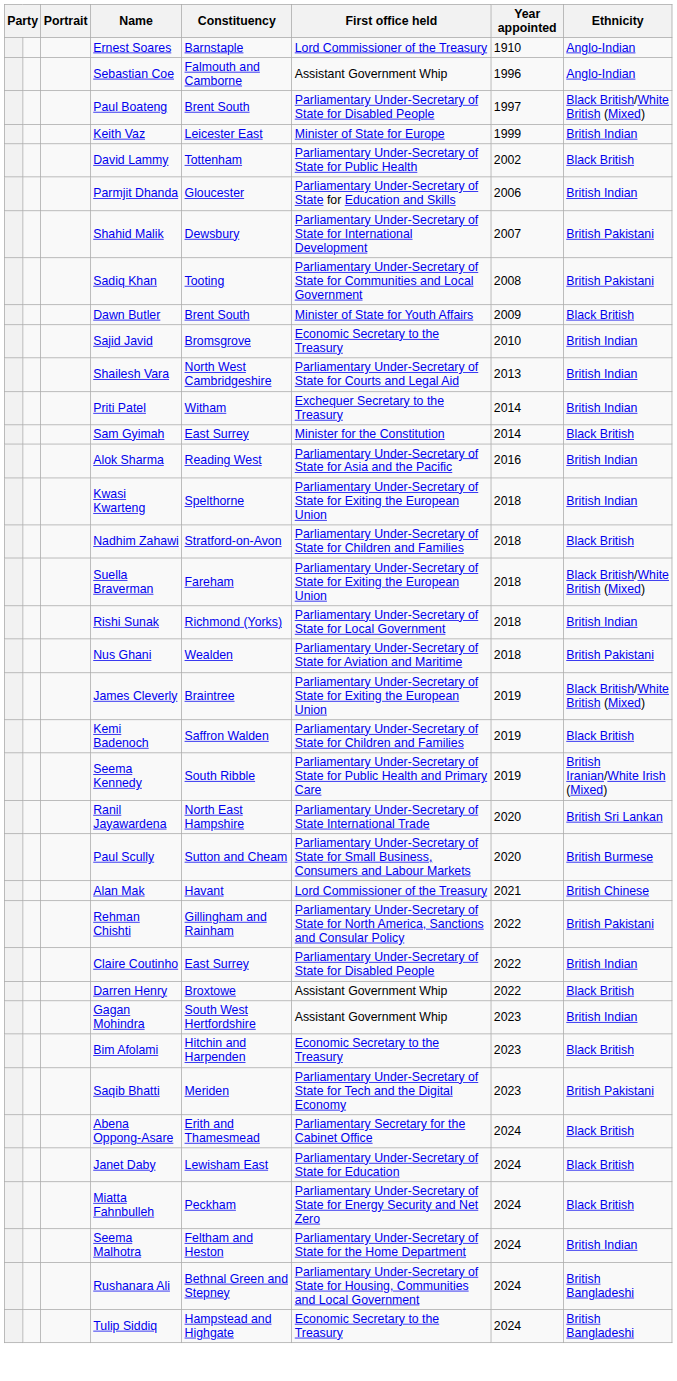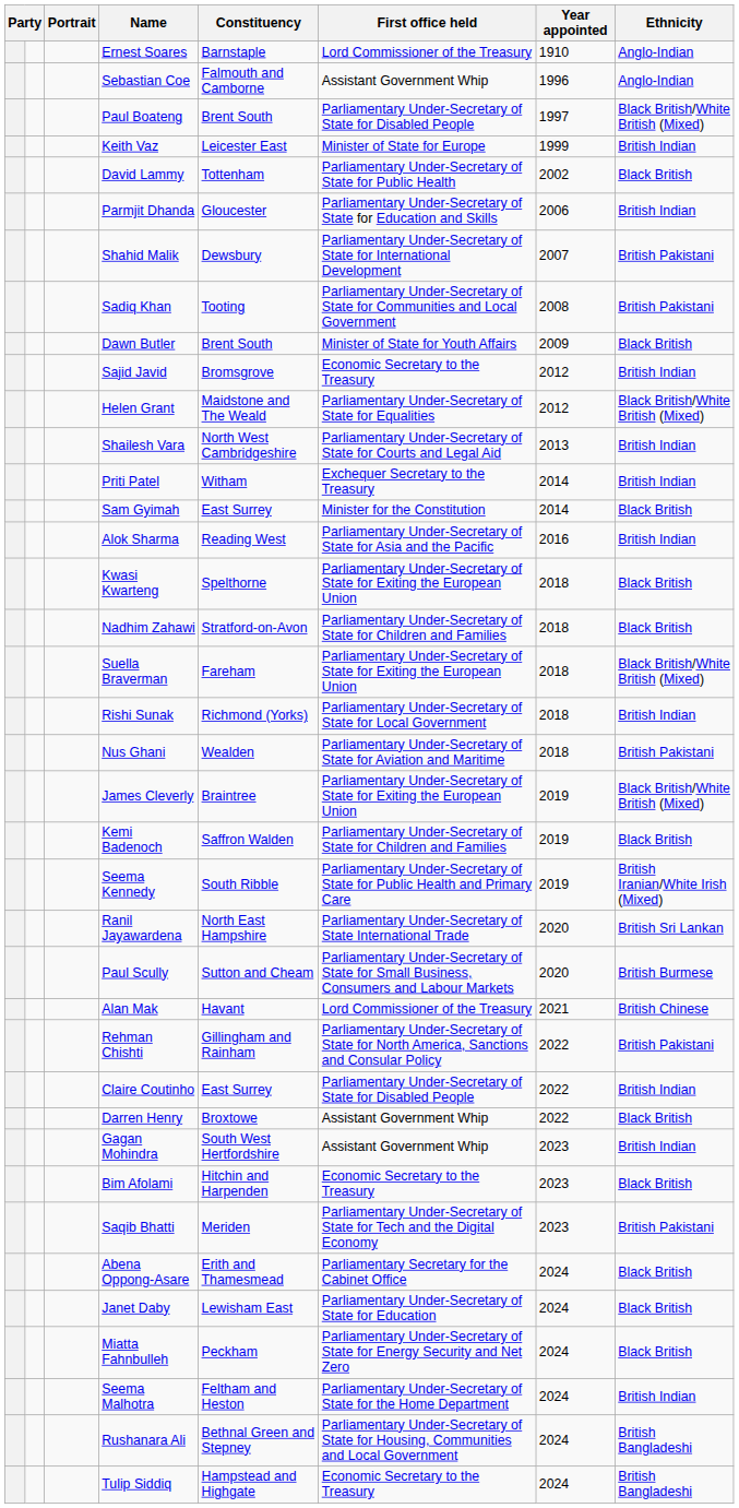 <table class="wikitable sortable">
 <tr>
 <th colspan=2>Party</th>
 <th>Portrait</th>
 <th>Name</th>
 <th>Constituency</th>
 <th>First office held</th>
 <th>Year appointed</th>
 <th>Ethnicity</th>
 </tr>
 <tr>
 <th style="background-color: "></th>
 <td></td>
 <td></td>
 <td><a href='#'>Ernest Soares</a></td>
 <td><a href='#'>Barnstaple</a></td>
 <td><a href='#'>Lord Commissioner of the Treasury</a></td>
 <td>1910</td>
 <td><a href='#'>Anglo-Indian</a></td>
 </tr>
 <tr>
 <th style="background-color: "></th>
 <td></td>
 <td></td>
 <td><a href='#'>Sebastian Coe</a></td>
 <td><a href='#'>Falmouth and Camborne</a></td>
 <td>Assistant Government Whip</td>
 <td>1996</td>
 <td><a href='#'>Anglo-Indian</a></td>
 </tr>
 <tr>
 <th style="background-color: "></th>
 <td></td>
 <td></td>
 <td><a href='#'>Paul Boateng</a></td>
 <td><a href='#'>Brent South</a></td>
 <td><a href='#'>Parliamentary Under-Secretary of State for Disabled People</a></td>
 <td>1997</td>
 <td><a href='#'>Black British</a>/<a href='#'>White British</a> (<a href='#'>Mixed</a>)</td>
 </tr>
 <tr>
 <th style="background-color: "></th>
 <td></td>
 <td></td>
 <td><a href='#'>Keith Vaz</a></td>
 <td><a href='#'>Leicester East</a></td>
 <td><a href='#'>Minister of State for Europe</a></td>
 <td>1999</td>
 <td><a href='#'>British Indian</a></td>
 </tr>
 <tr>
 <th style="background-color: "></th>
 <td></td>
 <td></td>
 <td><a href='#'>David Lammy</a></td>
 <td><a href='#'>Tottenham</a></td>
 <td><a href='#'>Parliamentary Under-Secretary of State for Public Health</a></td>
 <td>2002</td>
 <td><a href='#'>Black British</a></td>
 </tr>
 <tr>
 <th style="background-color: "></th>
 <td></td>
 <td></td>
 <td><a href='#'>Parmjit Dhanda</a></td>
 <td><a href='#'>Gloucester</a></td>
 <td><a href='#'>Parliamentary Under-Secretary of State</a> for <a href='#'>Education and Skills</a></td>
 <td>2006</td>
 <td><a href='#'>British Indian</a></td>
 </tr>
 <tr>
 <th style="background-color: "></th>
 <td></td>
 <td></td>
 <td><a href='#'>Shahid Malik</a></td>
 <td><a href='#'>Dewsbury</a></td>
 <td><a href='#'>Parliamentary Under-Secretary of State for International Development</a></td>
 <td>2007</td>
 <td><a href='#'>British Pakistani</a></td>
 </tr>
 <tr>
 <th style="background-color: "></th>
 <td></td>
 <td></td>
 <td><a href='#'>Sadiq Khan</a></td>
 <td><a href='#'>Tooting</a></td>
 <td><a href='#'>Parliamentary Under-Secretary of State for Communities and Local Government</a></td>
 <td>2008</td>
 <td><a href='#'>British Pakistani</a></td>
 </tr>
 <tr>
 <th style="background-color: "></th>
 <td></td>
 <td></td>
 <td><a href='#'>Dawn Butler</a></td>
 <td><a href='#'>Brent South</a></td>
 <td><a href='#'>Minister of State for Youth Affairs</a></td>
 <td>2009</td>
 <td><a href='#'>Black British</a></td>
 </tr>
 <tr>
 <th style="background-color: "></th>
 <td></td>
 <td></td>
 <td><a href='#'>Sajid Javid</a></td>
 <td><a href='#'>Bromsgrove</a></td>
 <td><a href='#'>Economic Secretary to the Treasury</a></td>
-<td>2010</td>
+<td>2012</td>
 <td><a href='#'>British Indian</a></td>
+</tr>
+<tr>
+<th style="background-color: "></th>
+<td></td>
+<td></td>
+<td><a href='#'>Helen Grant</a></td>
+<td><a href='#'>Maidstone and The Weald</a></td>
+<td><a href='#'>Parliamentary Under-Secretary of State for Equalities</a></td>
+<td>2012</td>
+<td><a href='#'>Black British</a>/<a href='#'>White British</a> (<a href='#'>Mixed</a>)</td>
 </tr>
 <tr>
 <th style="background-color: "></th>
 <td></td>
 <td></td>
 <td><a href='#'>Shailesh Vara</a></td>
 <td><a href='#'>North West Cambridgeshire</a></td>
 <td><a href='#'>Parliamentary Under-Secretary of State for Courts and Legal Aid</a></td>
 <td>2013</td>
 <td><a href='#'>British Indian</a></td>
 </tr>
 <tr>
 <th style="background-color: "></th>
 <td></td>
 <td></td>
 <td><a href='#'>Priti Patel</a></td>
 <td><a href='#'>Witham</a></td>
 <td><a href='#'>Exchequer Secretary to the Treasury</a></td>
 <td>2014</td>
 <td><a href='#'>British Indian</a></td>
 </tr>
 <tr>
 <th style="background-color: "></th>
 <td></td>
 <td></td>
 <td><a href='#'>Sam Gyimah</a></td>
 <td><a href='#'>East Surrey</a></td>
 <td><a href='#'>Minister for the Constitution</a></td>
 <td>2014</td>
 <td><a href='#'>Black British</a></td>
 </tr>
 <tr>
 <th style="background-color: "></th>
 <td></td>
 <td></td>
 <td><a href='#'>Alok Sharma</a></td>
 <td><a href='#'>Reading West</a></td>
 <td><a href='#'>Parliamentary Under-Secretary of State for Asia and the Pacific</a></td>
 <td>2016</td>
 <td><a href='#'>British Indian</a></td>
 </tr>
 <tr>
 <th style="background-color: "></th>
 <td></td>
 <td></td>
 <td><a href='#'>Kwasi Kwarteng</a></td>
 <td><a href='#'>Spelthorne</a></td>
 <td><a href='#'>Parliamentary Under-Secretary of State for Exiting the European Union</a></td>
 <td>2018</td>
-<td><a href='#'>British Indian</a></td>
+<td><a href='#'>Black British</a></td>
 </tr>
 <tr>
 <th style="background-color: "></th>
 <td></td>
 <td></td>
 <td><a href='#'>Nadhim Zahawi</a></td>
 <td><a href='#'>Stratford-on-Avon</a></td>
 <td><a href='#'>Parliamentary Under-Secretary of State for Children and Families</a></td>
 <td>2018</td>
 <td><a href='#'>Black British</a></td>
 </tr>
 <tr>
 <th style="background-color: "></th>
 <td></td>
 <td></td>
 <td><a href='#'>Suella Braverman</a></td>
 <td><a href='#'>Fareham</a></td>
 <td><a href='#'>Parliamentary Under-Secretary of State for Exiting the European Union</a></td>
 <td>2018</td>
 <td><a href='#'>Black British</a>/<a href='#'>White British</a> (<a href='#'>Mixed</a>)</td>
 </tr>
 <tr>
 <th style="background-color: "></th>
 <td></td>
 <td></td>
 <td><a href='#'>Rishi Sunak</a></td>
 <td><a href='#'>Richmond (Yorks)</a></td>
 <td><a href='#'>Parliamentary Under-Secretary of State for Local Government</a></td>
 <td>2018</td>
 <td><a href='#'>British Indian</a></td>
 </tr>
 <tr>
 <th style="background-color: "></th>
 <td></td>
 <td></td>
 <td><a href='#'>Nus Ghani</a></td>
 <td><a href='#'>Wealden</a></td>
 <td><a href='#'>Parliamentary Under-Secretary of State for Aviation and Maritime</a></td>
 <td>2018</td>
 <td><a href='#'>British Pakistani</a></td>
 </tr>
 <tr>
 <th style="background-color: "></th>
 <td></td>
 <td></td>
 <td><a href='#'>James Cleverly</a></td>
 <td><a href='#'>Braintree</a></td>
 <td><a href='#'>Parliamentary Under-Secretary of State for Exiting the European Union</a></td>
 <td>2019</td>
 <td><a href='#'>Black British</a>/<a href='#'>White British</a> (<a href='#'>Mixed</a>)</td>
 </tr>
 <tr>
 <th style="background-color: "></th>
 <td></td>
 <td></td>
 <td><a href='#'>Kemi Badenoch</a></td>
 <td><a href='#'>Saffron Walden</a></td>
 <td><a href='#'>Parliamentary Under-Secretary of State for Children and Families</a></td>
 <td>2019</td>
 <td><a href='#'>Black British</a></td>
 </tr>
 <tr>
 <th style="background-color: "></th>
 <td></td>
 <td></td>
 <td><a href='#'>Seema Kennedy</a></td>
 <td><a href='#'>South Ribble</a></td>
 <td><a href='#'>Parliamentary Under-Secretary of State for Public Health and Primary Care</a></td>
 <td>2019</td>
 <td><a href='#'>British Iranian</a>/<a href='#'>White Irish</a> (<a href='#'>Mixed</a>)</td>
 </tr>
 <tr>
 <th style="background-color: "></th>
 <td></td>
 <td></td>
 <td><a href='#'>Ranil Jayawardena</a></td>
 <td><a href='#'>North East Hampshire</a></td>
 <td><a href='#'>Parliamentary Under-Secretary of State International Trade</a></td>
 <td>2020</td>
 <td><a href='#'>British Sri Lankan</a></td>
 </tr>
 <tr>
 <th style="background-color: "></th>
 <td></td>
 <td></td>
 <td><a href='#'>Paul Scully</a></td>
 <td><a href='#'>Sutton and Cheam</a></td>
 <td><a href='#'>Parliamentary Under-Secretary of State for Small Business, Consumers and Labour Markets</a></td>
 <td>2020</td>
 <td><a href='#'>British Burmese</a></td>
 </tr>
 <tr>
 <th style="background-color: "></th>
 <td></td>
 <td></td>
 <td><a href='#'>Alan Mak</a></td>
 <td><a href='#'>Havant</a></td>
 <td><a href='#'>Lord Commissioner of the Treasury</a></td>
 <td>2021</td>
 <td><a href='#'>British Chinese</a></td>
 </tr>
 <tr>
 <th style="background-color: "></th>
 <td></td>
 <td></td>
 <td><a href='#'>Rehman Chishti</a></td>
 <td><a href='#'>Gillingham and Rainham</a></td>
 <td><a href='#'>Parliamentary Under-Secretary of State for North America, Sanctions and Consular Policy</a></td>
 <td>2022</td>
 <td><a href='#'>British Pakistani</a></td>
 </tr>
 <tr>
 <th style="background-color: "></th>
 <td></td>
 <td></td>
 <td><a href='#'>Claire Coutinho</a></td>
 <td><a href='#'>East Surrey</a></td>
 <td><a href='#'>Parliamentary Under-Secretary of State for Disabled People</a></td>
 <td>2022</td>
 <td><a href='#'>British Indian</a></td>
 </tr>
 <tr>
 <th style="background-color: "></th>
 <td></td>
 <td></td>
 <td><a href='#'>Darren Henry</a></td>
 <td><a href='#'>Broxtowe</a></td>
 <td>Assistant Government Whip</td>
 <td>2022</td>
 <td><a href='#'>Black British</a></td>
 </tr>
 <tr>
 <th style="background-color: "></th>
 <td></td>
 <td></td>
 <td><a href='#'>Gagan Mohindra</a></td>
 <td><a href='#'>South West Hertfordshire</a></td>
 <td>Assistant Government Whip</td>
 <td>2023</td>
 <td><a href='#'>British Indian</a></td>
 </tr>
 <tr>
 <th style="background-color: "></th>
 <td></td>
 <td></td>
 <td><a href='#'>Bim Afolami</a></td>
 <td><a href='#'>Hitchin and Harpenden</a></td>
 <td><a href='#'>Economic Secretary to the Treasury</a></td>
 <td>2023</td>
 <td><a href='#'>Black British</a></td>
 </tr>
 <tr>
 <th style="background-color: "></th>
 <td></td>
 <td></td>
 <td><a href='#'>Saqib Bhatti</a></td>
 <td><a href='#'>Meriden</a></td>
 <td><a href='#'>Parliamentary Under-Secretary of State for Tech and the Digital Economy</a></td>
 <td>2023</td>
 <td><a href='#'>British Pakistani</a></td>
 </tr>
 <tr>
 <th style="background-color: "></th>
 <td></td>
 <td></td>
 <td><a href='#'>Abena Oppong-Asare</a></td>
 <td><a href='#'>Erith and Thamesmead</a></td>
 <td><a href='#'>Parliamentary Secretary for the Cabinet Office</a></td>
 <td>2024</td>
 <td><a href='#'>Black British</a></td>
 </tr>
 <tr>
 <th style="background-color: "></th>
 <td></td>
 <td></td>
 <td><a href='#'>Janet Daby</a></td>
 <td><a href='#'>Lewisham East</a></td>
 <td><a href='#'>Parliamentary Under-Secretary of State for Education</a></td>
 <td>2024</td>
 <td><a href='#'>Black British</a></td>
 </tr>
 <tr>
 <th style="background-color: "></th>
 <td></td>
 <td></td>
 <td><a href='#'>Miatta Fahnbulleh</a></td>
 <td><a href='#'>Peckham</a></td>
 <td><a href='#'>Parliamentary Under-Secretary of State for Energy Security and Net Zero</a></td>
 <td>2024</td>
 <td><a href='#'>Black British</a></td>
 </tr>
 <tr>
 <th style="background-color: "></th>
 <td></td>
 <td></td>
 <td><a href='#'>Seema Malhotra</a></td>
 <td><a href='#'>Feltham and Heston</a></td>
 <td><a href='#'>Parliamentary Under-Secretary of State for the Home Department</a></td>
 <td>2024</td>
 <td><a href='#'>British Indian</a></td>
 </tr>
 <tr>
 <th style="background-color: "></th>
 <td></td>
 <td></td>
 <td><a href='#'>Rushanara Ali</a></td>
 <td><a href='#'>Bethnal Green and Stepney</a></td>
 <td><a href='#'>Parliamentary Under-Secretary of State for Housing, Communities and Local Government</a></td>
 <td>2024</td>
 <td><a href='#'>British Bangladeshi</a></td>
 </tr>
 <tr>
 <th style="background-color: "></th>
 <td></td>
 <td></td>
 <td><a href='#'>Tulip Siddiq</a></td>
 <td><a href='#'>Hampstead and Highgate</a></td>
 <td><a href='#'>Economic Secretary to the Treasury</a></td>
 <td>2024</td>
 <td><a href='#'>British Bangladeshi</a></td>
 </tr>
 </table>
